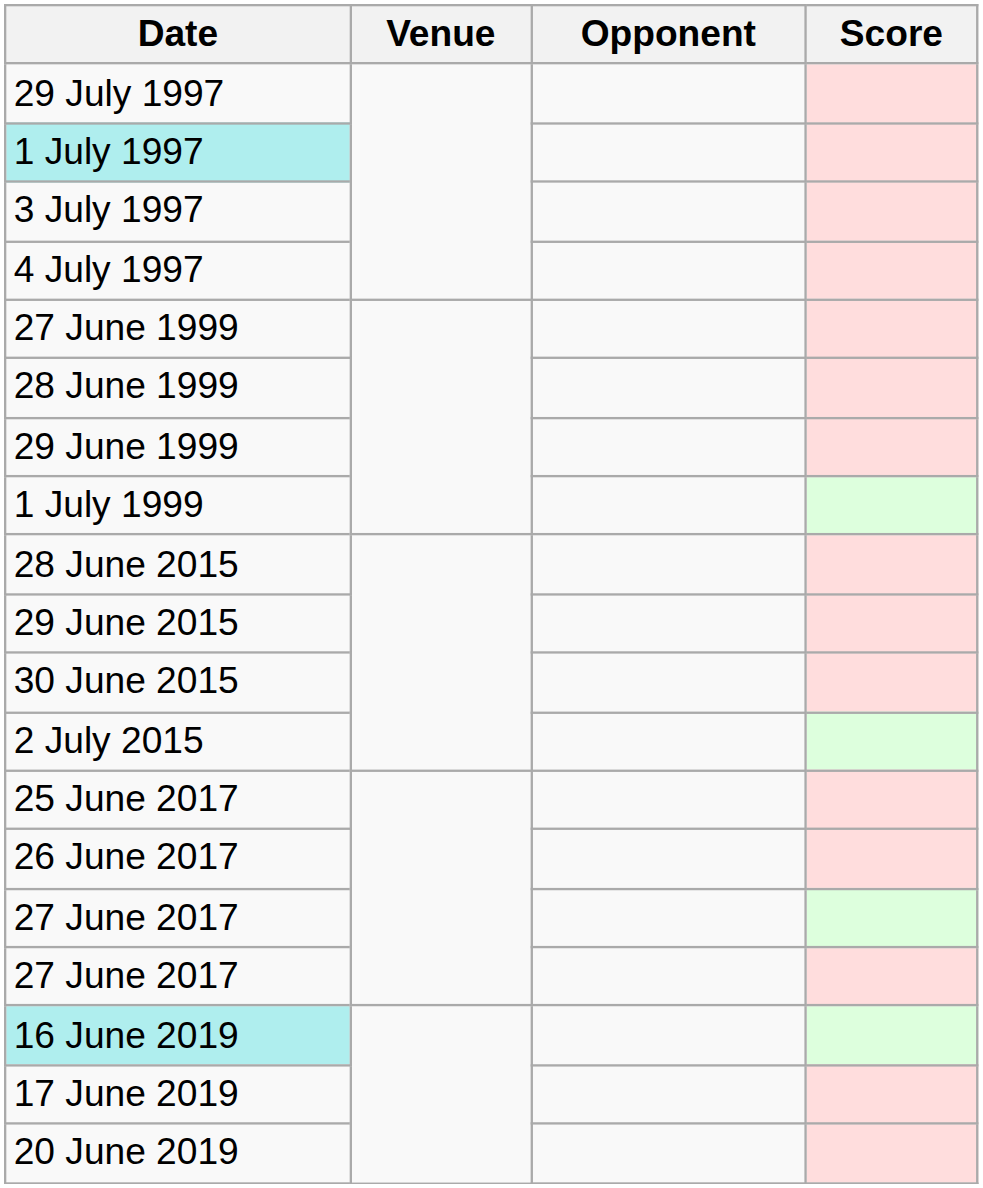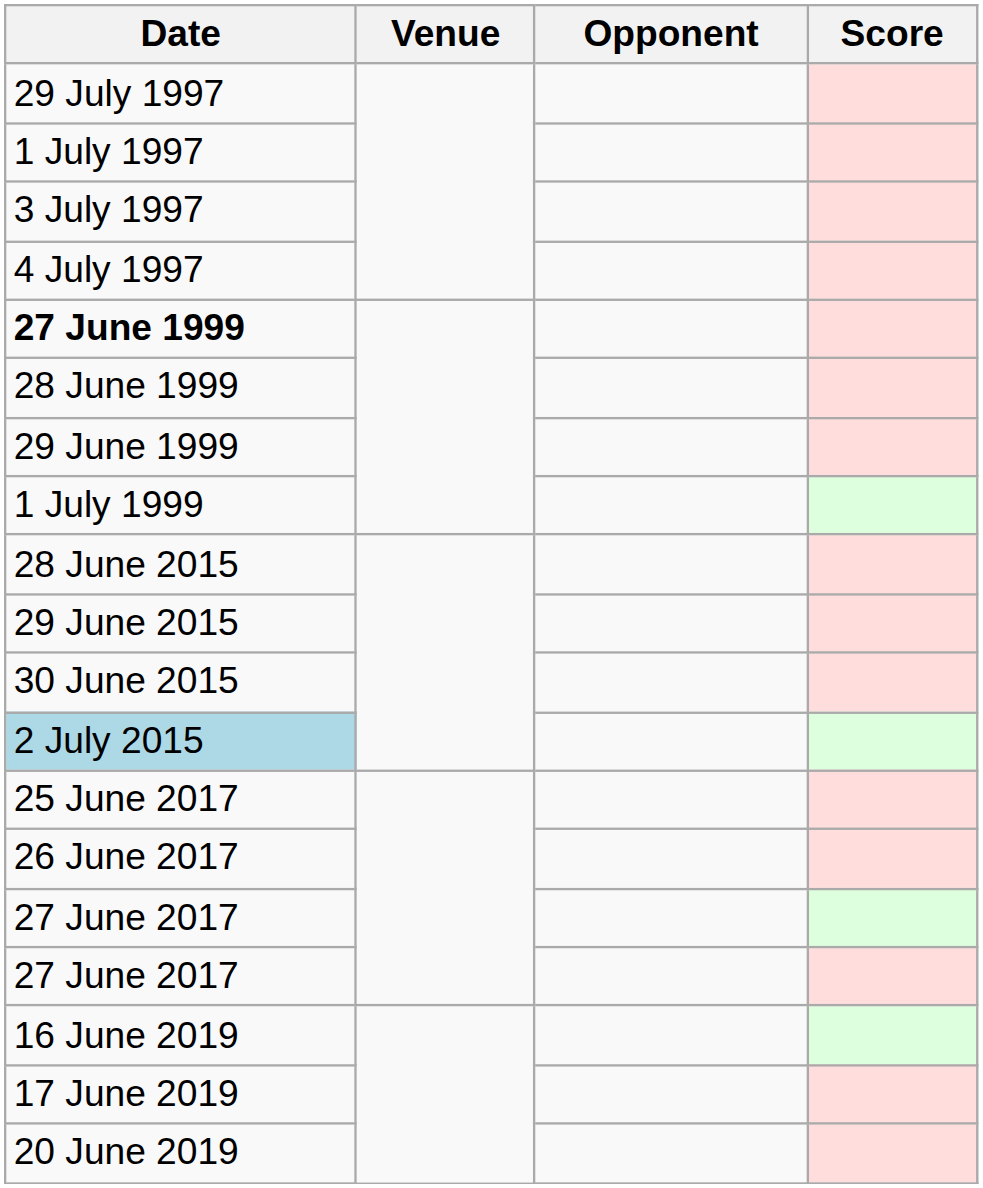 <table class="wikitable" style="width:420px">
 <tr>
 <th>Date</th>
 <th>Venue</th>
 <th>Opponent</th>
 <th>Score</th>
 </tr>
 <tr>
 <td>29 July 1997</td>
 <td rowspan="4"></td>
 <td></td>
 <td style="background:#fdd;"></td>
 </tr>
 <tr>
-<td style="background: paleturquoise;">1 July 1997</td>
+<td>1 July 1997</td>
 <td></td>
 <td style="background:#fdd;"></td>
 </tr>
 <tr>
 <td>3 July 1997</td>
 <td></td>
 <td style="background:#fdd;"></td>
 </tr>
 <tr>
 <td>4 July 1997</td>
 <td></td>
 <td style="background:#fdd;"></td>
 </tr>
 <tr>
-<td>27 June 1999</td>
+<td><strong>27 June 1999</strong></td>
 <td rowspan="4"></td>
 <td></td>
 <td style="background:#fdd;"></td>
 </tr>
 <tr>
 <td>28 June 1999</td>
 <td></td>
 <td style="background:#fdd;"></td>
 </tr>
 <tr>
 <td>29 June 1999</td>
 <td></td>
 <td style="background:#fdd;"></td>
 </tr>
 <tr>
 <td>1 July 1999</td>
 <td></td>
 <td style="background:#dfd;"></td>
 </tr>
 <tr>
 <td>28 June 2015</td>
 <td rowspan="4"></td>
 <td></td>
 <td style="background:#fdd;"></td>
 </tr>
 <tr>
 <td>29 June 2015</td>
 <td></td>
 <td style="background:#fdd;"></td>
 </tr>
 <tr>
 <td>30 June 2015</td>
 <td></td>
 <td style="background:#fdd;"></td>
 </tr>
 <tr>
-<td>2 July 2015</td>
+<td style="background: lightblue;">2 July 2015</td>
 <td></td>
 <td style="background:#dfd;"></td>
 </tr>
 <tr>
 <td>25 June 2017</td>
 <td rowspan="4"></td>
 <td></td>
 <td style="background:#fdd;"></td>
 </tr>
 <tr>
 <td>26 June 2017</td>
 <td></td>
 <td style="background:#fdd;"></td>
 </tr>
 <tr>
 <td>27 June 2017</td>
 <td></td>
 <td style="background:#dfd;"></td>
 </tr>
 <tr>
 <td>27 June 2017</td>
 <td></td>
 <td style="background:#fdd;"></td>
 </tr>
 <tr>
-<td style="background: paleturquoise;">16 June 2019</td>
+<td>16 June 2019</td>
 <td rowspan="4"></td>
 <td></td>
 <td style="background:#dfd;"></td>
 </tr>
 <tr>
 <td>17 June 2019</td>
 <td></td>
 <td style="background:#fdd;"></td>
 </tr>
 <tr>
 <td>20 June 2019</td>
 <td></td>
 <td style="background:#fdd;"></td>
 </tr>
 <tr>
 </tr>
 </table>
